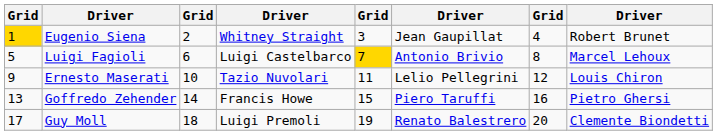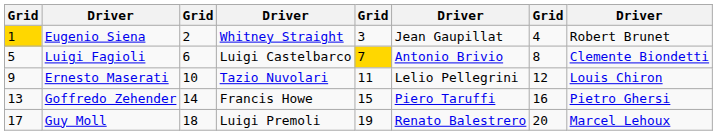 <table class="wikitable">
 <tr>
 <th>Grid</th>
 <th>Driver</th>
 <th>Grid</th>
 <th>Driver</th>
 <th>Grid</th>
 <th>Driver</th>
 <th>Grid</th>
 <th>Driver</th>
 </tr>
 <tr>
 <td style="background: gold;">1</td>
 <td> <a href='#'>Eugenio Siena</a></td>
 <td>2</td>
 <td> <a href='#'>Whitney Straight</a></td>
 <td>3</td>
 <td> Jean Gaupillat</td>
 <td>4</td>
 <td> Robert Brunet</td>
 </tr>
 <tr>
 <td>5</td>
 <td> <a href='#'>Luigi Fagioli</a></td>
 <td>6</td>
 <td> Luigi Castelbarco</td>
 <td style="background: gold;">7</td>
 <td> <a href='#'>Antonio Brivio</a></td>
 <td>8</td>
-<td> <a href='#'>Marcel Lehoux</a></td>
+<td> <a href='#'>Clemente Biondetti</a></td>
 </tr>
 <tr>
 <td>9</td>
 <td> <a href='#'>Ernesto Maserati</a></td>
 <td>10</td>
 <td> <a href='#'>Tazio Nuvolari</a></td>
 <td>11</td>
 <td> Lelio Pellegrini</td>
 <td>12</td>
 <td> <a href='#'>Louis Chiron</a></td>
 </tr>
 <tr>
 <td>13</td>
 <td> <a href='#'>Goffredo Zehender</a></td>
 <td>14</td>
 <td> Francis Howe</td>
 <td>15</td>
 <td> <a href='#'>Piero Taruffi</a></td>
 <td>16</td>
 <td> <a href='#'>Pietro Ghersi</a></td>
 </tr>
 <tr>
 <td>17</td>
 <td> <a href='#'>Guy Moll</a></td>
 <td>18</td>
 <td> Luigi Premoli</td>
 <td>19</td>
 <td> <a href='#'>Renato Balestrero</a></td>
 <td>20</td>
-<td> <a href='#'>Clemente Biondetti</a></td>
+<td> <a href='#'>Marcel Lehoux</a></td>
 </tr>
 </table>
